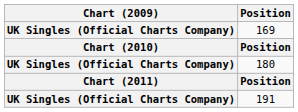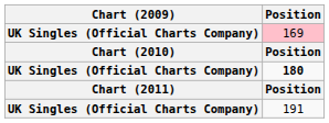 <table class="wikitable plainrowheaders" style="text-align:center;">
 <tr>
 <th scope="col">Chart (2009)</th>
 <th scope="col">Position</th>
 </tr>
 <tr>
 <th scope="row">UK Singles (Official Charts Company)</th>
-<td>169</td>
+<td style="background: pink;">169</td>
 </tr>
 <tr>
 <th scope="col">Chart (2010)</th>
 <th scope="col">Position</th>
 </tr>
 <tr>
 <th scope="row">UK Singles (Official Charts Company)</th>
-<td>180</td>
+<td><strong>180</strong></td>
 </tr>
 <tr>
 <th scope="col">Chart (2011)</th>
 <th scope="col">Position</th>
 </tr>
 <tr>
 <th scope="row">UK Singles (Official Charts Company)</th>
 <td>191</td>
 </tr>
 </table>
